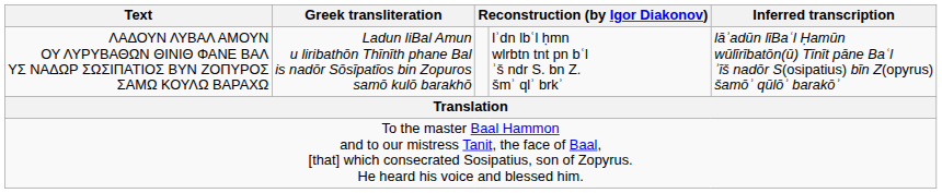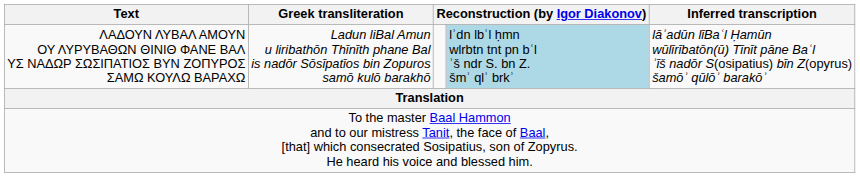 <table class=wikitable style="margin:auto">
 <tr>
 <th>Text</th>
 <th>Greek transliteration</th>
 <th colspan="2">Reconstruction (by <a href='#'>Igor Diakonov</a>)</th>
 <th>Inferred transcription</th>
 </tr>
 <tr>
 <td align=right>ΛΑΔΟΥΝ ΛΥΒΑΛ ΑΜΟΥΝ <br> ΟΥ ΛΥΡΥΒΑΘΩΝ ΘΙΝΙΘ ΦΑΝΕ ΒΑΛ <br> ΥΣ ΝΑΔΩΡ ΣΩΣΙΠΑΤΙΟΣ ΒΥΝ ΖΟΠΥΡΟΣ <br> ΣΑΜΩ ΚΟΥΛΩ ΒΑΡΑΧΩ</td>
 <td align=right><em>Ladun liBal Amun</em><br><em>u liribathōn Thīnīth phane Bal</em><br><em>is nadōr Sōsīpatīos bin Zopuros</em><br><em>samō kulō barakhō</em></td>
 <td align="right"></td>
-<td>lʾdn lbʿl ḥmn <br>wlrbtn tnt pn bʿl <br>ʾš ndr S. bn Z. <br>šmʾ qlʾ brkʾ</td>
+<td style="background: lightblue;">lʾdn lbʿl ḥmn <br>wlrbtn tnt pn bʿl <br>ʾš ndr S. bn Z. <br>šmʾ qlʾ brkʾ</td>
 <td><em>lāʾadūn līBaʿl Ḥamūn</em><br><em>wūlīrībatōn(ū) Tīnīt pāne Baʿl</em><br><em>ʾīš nadōr S</em>(osipatius) <em>bīn Z</em>(opyrus)<br><em>šamōʾ qūlōʾ barakōʾ</em></td>
 </tr>
 <tr>
 <th colspan="5">Translation</th>
 </tr>
 <tr>
 <td colspan="5" align="center">To the master <a href='#'>Baal Hammon</a><br>and to our mistress <a href='#'>Tanit</a>, the face of <a href='#'>Baal</a>,<br>[that] which consecrated Sosipatius, son of Zopyrus.<br>He heard his voice and blessed him.</td>
 </tr>
 </table>
